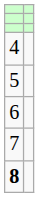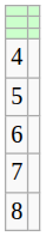 <table class="wikitable">
 <tr bgcolor=ccffcc>
 <td align=center></td>
 <td></td>
 </tr>
 <tr bgcolor=ccffcc>
 <td align=center></td>
 <td></td>
 </tr>
 <tr bgcolor=ccffcc>
 <td align=center></td>
 <td></td>
 </tr>
 <tr>
 <td align=center>4</td>
 <td></td>
 </tr>
 <tr>
 <td align=center>5</td>
 <td></td>
 </tr>
 <tr>
 <td align=center>6</td>
 <td></td>
 </tr>
 <tr>
 <td align=center>7</td>
 <td></td>
 </tr>
 <tr>
-<td align=center><strong>8</strong></td>
+<td align=center>8</td>
 <td></td>
 </tr>
 </table>
